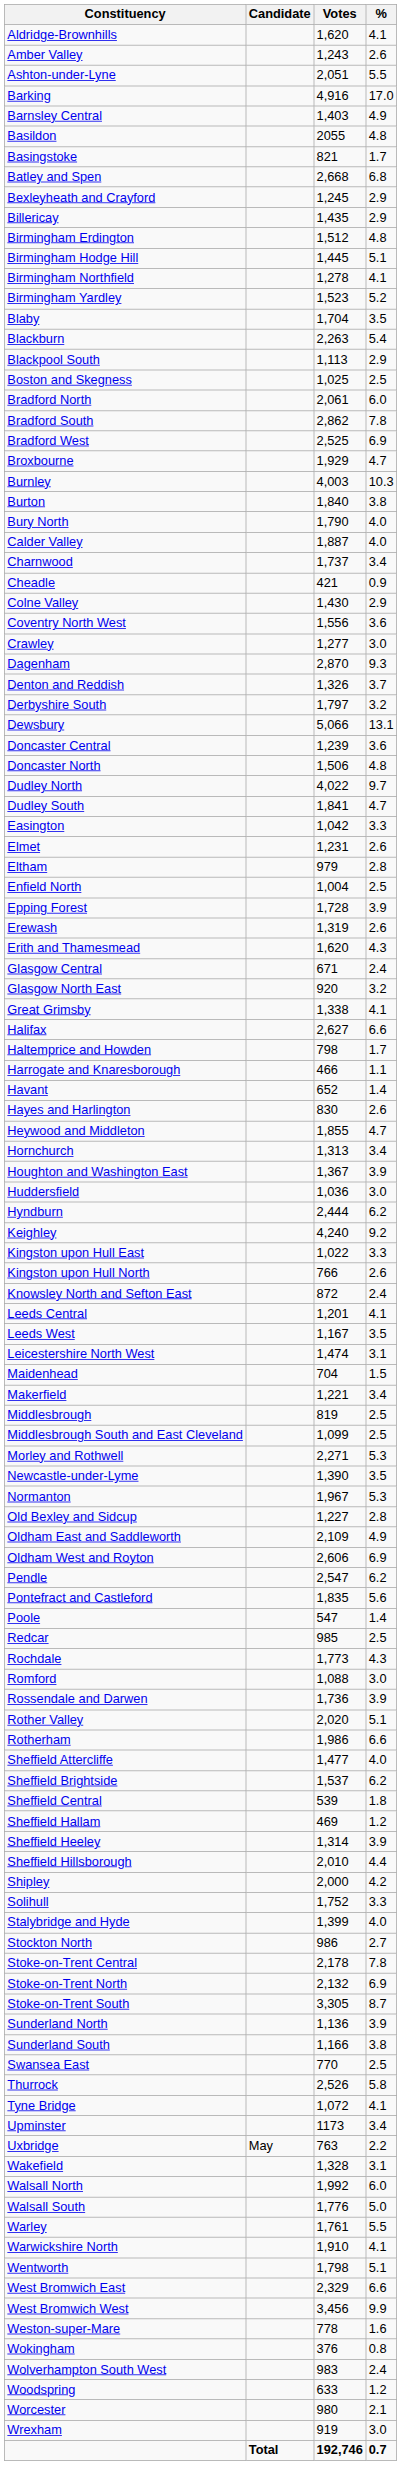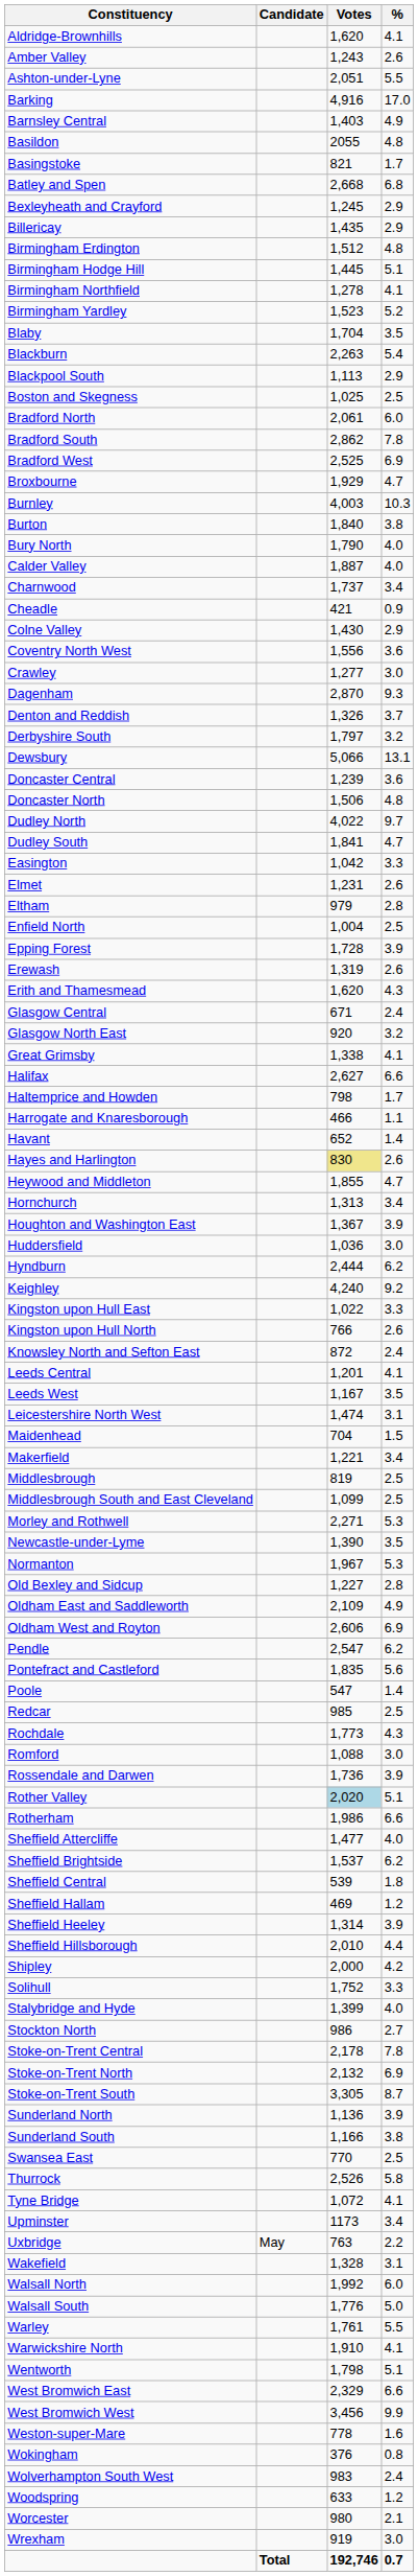 <table class="wikitable sortable">
 <tr>
 <th>Constituency</th>
 <th>Candidate</th>
 <th>Votes</th>
 <th>%</th>
 </tr>
 <tr>
 <td><a href='#'>Aldridge-Brownhills</a></td>
 <td></td>
 <td>1,620</td>
 <td>4.1</td>
 </tr>
 <tr>
 <td><a href='#'>Amber Valley</a></td>
 <td></td>
 <td>1,243</td>
 <td>2.6</td>
 </tr>
 <tr>
 <td><a href='#'>Ashton-under-Lyne</a></td>
 <td></td>
 <td>2,051</td>
 <td>5.5</td>
 </tr>
 <tr>
 <td><a href='#'>Barking</a></td>
 <td></td>
 <td>4,916</td>
 <td>17.0</td>
 </tr>
 <tr>
 <td><a href='#'>Barnsley Central</a></td>
 <td></td>
 <td>1,403</td>
 <td>4.9</td>
 </tr>
 <tr>
 <td><a href='#'>Basildon</a></td>
 <td></td>
 <td>2055</td>
 <td>4.8</td>
 </tr>
 <tr>
 <td><a href='#'>Basingstoke</a></td>
 <td></td>
 <td>821</td>
 <td>1.7</td>
 </tr>
 <tr>
 <td><a href='#'>Batley and Spen</a></td>
 <td></td>
 <td>2,668</td>
 <td>6.8</td>
 </tr>
 <tr>
 <td><a href='#'>Bexleyheath and Crayford</a></td>
 <td></td>
 <td>1,245</td>
 <td>2.9</td>
 </tr>
 <tr>
 <td><a href='#'>Billericay</a></td>
 <td></td>
 <td>1,435</td>
 <td>2.9</td>
 </tr>
 <tr>
 <td><a href='#'>Birmingham Erdington</a></td>
 <td></td>
 <td>1,512</td>
 <td>4.8</td>
 </tr>
 <tr>
 <td><a href='#'>Birmingham Hodge Hill</a></td>
 <td></td>
 <td>1,445</td>
 <td>5.1</td>
 </tr>
 <tr>
 <td><a href='#'>Birmingham Northfield</a></td>
 <td></td>
 <td>1,278</td>
 <td>4.1</td>
 </tr>
 <tr>
 <td><a href='#'>Birmingham Yardley</a></td>
 <td></td>
 <td>1,523</td>
 <td>5.2</td>
 </tr>
 <tr>
 <td><a href='#'>Blaby</a></td>
 <td></td>
 <td>1,704</td>
 <td>3.5</td>
 </tr>
 <tr>
 <td><a href='#'>Blackburn</a></td>
 <td></td>
 <td>2,263</td>
 <td>5.4</td>
 </tr>
 <tr>
 <td><a href='#'>Blackpool South</a></td>
 <td></td>
 <td>1,113</td>
 <td>2.9</td>
 </tr>
 <tr>
 <td><a href='#'>Boston and Skegness</a></td>
 <td></td>
 <td>1,025</td>
 <td>2.5</td>
 </tr>
 <tr>
 <td><a href='#'>Bradford North</a></td>
 <td></td>
 <td>2,061</td>
 <td>6.0</td>
 </tr>
 <tr>
 <td><a href='#'>Bradford South</a></td>
 <td></td>
 <td>2,862</td>
 <td>7.8</td>
 </tr>
 <tr>
 <td><a href='#'>Bradford West</a></td>
 <td></td>
 <td>2,525</td>
 <td>6.9</td>
 </tr>
 <tr>
 <td><a href='#'>Broxbourne</a></td>
 <td></td>
 <td>1,929</td>
 <td>4.7</td>
 </tr>
 <tr>
 <td><a href='#'>Burnley</a></td>
 <td></td>
 <td>4,003</td>
 <td>10.3</td>
 </tr>
 <tr>
 <td><a href='#'>Burton</a></td>
 <td></td>
 <td>1,840</td>
 <td>3.8</td>
 </tr>
 <tr>
 <td><a href='#'>Bury North</a></td>
 <td></td>
 <td>1,790</td>
 <td>4.0</td>
 </tr>
 <tr>
 <td><a href='#'>Calder Valley</a></td>
 <td></td>
 <td>1,887</td>
 <td>4.0</td>
 </tr>
 <tr>
 <td><a href='#'>Charnwood</a></td>
 <td></td>
 <td>1,737</td>
 <td>3.4</td>
 </tr>
 <tr>
 <td><a href='#'>Cheadle</a></td>
 <td></td>
 <td>421</td>
 <td>0.9</td>
 </tr>
 <tr>
 <td><a href='#'>Colne Valley</a></td>
 <td></td>
 <td>1,430</td>
 <td>2.9</td>
 </tr>
 <tr>
 <td><a href='#'>Coventry North West</a></td>
 <td></td>
 <td>1,556</td>
 <td>3.6</td>
 </tr>
 <tr>
 <td><a href='#'>Crawley</a></td>
 <td></td>
 <td>1,277</td>
 <td>3.0</td>
 </tr>
 <tr>
 <td><a href='#'>Dagenham</a></td>
 <td></td>
 <td>2,870</td>
 <td>9.3</td>
 </tr>
 <tr>
 <td><a href='#'>Denton and Reddish</a></td>
 <td></td>
 <td>1,326</td>
 <td>3.7</td>
 </tr>
 <tr>
 <td><a href='#'>Derbyshire South</a></td>
 <td></td>
 <td>1,797</td>
 <td>3.2</td>
 </tr>
 <tr>
 <td><a href='#'>Dewsbury</a></td>
 <td></td>
 <td>5,066</td>
 <td>13.1</td>
 </tr>
 <tr>
 <td><a href='#'>Doncaster Central</a></td>
 <td></td>
 <td>1,239</td>
 <td>3.6</td>
 </tr>
 <tr>
 <td><a href='#'>Doncaster North</a></td>
 <td></td>
 <td>1,506</td>
 <td>4.8</td>
 </tr>
 <tr>
 <td><a href='#'>Dudley North</a></td>
 <td></td>
 <td>4,022</td>
 <td>9.7</td>
 </tr>
 <tr>
 <td><a href='#'>Dudley South</a></td>
 <td></td>
 <td>1,841</td>
 <td>4.7</td>
 </tr>
 <tr>
 <td><a href='#'>Easington</a></td>
 <td></td>
 <td>1,042</td>
 <td>3.3</td>
 </tr>
 <tr>
 <td><a href='#'>Elmet</a></td>
 <td></td>
 <td>1,231</td>
 <td>2.6</td>
 </tr>
 <tr>
 <td><a href='#'>Eltham</a></td>
 <td></td>
 <td>979</td>
 <td>2.8</td>
 </tr>
 <tr>
 <td><a href='#'>Enfield North</a></td>
 <td></td>
 <td>1,004</td>
 <td>2.5</td>
 </tr>
 <tr>
 <td><a href='#'>Epping Forest</a></td>
 <td></td>
 <td>1,728</td>
 <td>3.9</td>
 </tr>
 <tr>
 <td><a href='#'>Erewash</a></td>
 <td></td>
 <td>1,319</td>
 <td>2.6</td>
 </tr>
 <tr>
 <td><a href='#'>Erith and Thamesmead</a></td>
 <td></td>
 <td>1,620</td>
 <td>4.3</td>
 </tr>
 <tr>
 <td><a href='#'>Glasgow Central</a></td>
 <td></td>
 <td>671</td>
 <td>2.4</td>
 </tr>
 <tr>
 <td><a href='#'>Glasgow North East</a></td>
 <td></td>
 <td>920</td>
 <td>3.2</td>
 </tr>
 <tr>
 <td><a href='#'>Great Grimsby</a></td>
 <td></td>
 <td>1,338</td>
 <td>4.1</td>
 </tr>
 <tr>
 <td><a href='#'>Halifax</a></td>
 <td></td>
 <td>2,627</td>
 <td>6.6</td>
 </tr>
 <tr>
 <td><a href='#'>Haltemprice and Howden</a></td>
 <td></td>
 <td>798</td>
 <td>1.7</td>
 </tr>
 <tr>
 <td><a href='#'>Harrogate and Knaresborough</a></td>
 <td></td>
 <td>466</td>
 <td>1.1</td>
 </tr>
 <tr>
 <td><a href='#'>Havant</a></td>
 <td></td>
 <td>652</td>
 <td>1.4</td>
 </tr>
 <tr>
 <td><a href='#'>Hayes and Harlington</a></td>
 <td></td>
-<td>830</td>
+<td style="background: khaki;">830</td>
 <td>2.6</td>
 </tr>
 <tr>
 <td><a href='#'>Heywood and Middleton</a></td>
 <td></td>
 <td>1,855</td>
 <td>4.7</td>
 </tr>
 <tr>
 <td><a href='#'>Hornchurch</a></td>
 <td></td>
 <td>1,313</td>
 <td>3.4</td>
 </tr>
 <tr>
 <td><a href='#'>Houghton and Washington East</a></td>
 <td></td>
 <td>1,367</td>
 <td>3.9</td>
 </tr>
 <tr>
 <td><a href='#'>Huddersfield</a></td>
 <td></td>
 <td>1,036</td>
 <td>3.0</td>
 </tr>
 <tr>
 <td><a href='#'>Hyndburn</a></td>
 <td></td>
 <td>2,444</td>
 <td>6.2</td>
 </tr>
 <tr>
 <td><a href='#'>Keighley</a></td>
 <td></td>
 <td>4,240</td>
 <td>9.2</td>
 </tr>
 <tr>
 <td><a href='#'>Kingston upon Hull East</a></td>
 <td></td>
 <td>1,022</td>
 <td>3.3</td>
 </tr>
 <tr>
 <td><a href='#'>Kingston upon Hull North</a></td>
 <td></td>
 <td>766</td>
 <td>2.6</td>
 </tr>
 <tr>
 <td><a href='#'>Knowsley North and Sefton East</a></td>
 <td></td>
 <td>872</td>
 <td>2.4</td>
 </tr>
 <tr>
 <td><a href='#'>Leeds Central</a></td>
 <td></td>
 <td>1,201</td>
 <td>4.1</td>
 </tr>
 <tr>
 <td><a href='#'>Leeds West</a></td>
 <td></td>
 <td>1,167</td>
 <td>3.5</td>
 </tr>
 <tr>
 <td><a href='#'>Leicestershire North West</a></td>
 <td></td>
 <td>1,474</td>
 <td>3.1</td>
 </tr>
 <tr>
 <td><a href='#'>Maidenhead</a></td>
 <td></td>
 <td>704</td>
 <td>1.5</td>
 </tr>
 <tr>
 <td><a href='#'>Makerfield</a></td>
 <td></td>
 <td>1,221</td>
 <td>3.4</td>
 </tr>
 <tr>
 <td><a href='#'>Middlesbrough</a></td>
 <td></td>
 <td>819</td>
 <td>2.5</td>
 </tr>
 <tr>
 <td><a href='#'>Middlesbrough South and East Cleveland</a></td>
 <td></td>
 <td>1,099</td>
 <td>2.5</td>
 </tr>
 <tr>
 <td><a href='#'>Morley and Rothwell</a></td>
 <td></td>
 <td>2,271</td>
 <td>5.3</td>
 </tr>
 <tr>
 <td><a href='#'>Newcastle-under-Lyme</a></td>
 <td></td>
 <td>1,390</td>
 <td>3.5</td>
 </tr>
 <tr>
 <td><a href='#'>Normanton</a></td>
 <td></td>
 <td>1,967</td>
 <td>5.3</td>
 </tr>
 <tr>
 <td><a href='#'>Old Bexley and Sidcup</a></td>
 <td></td>
 <td>1,227</td>
 <td>2.8</td>
 </tr>
 <tr>
 <td><a href='#'>Oldham East and Saddleworth</a></td>
 <td></td>
 <td>2,109</td>
 <td>4.9</td>
 </tr>
 <tr>
 <td><a href='#'>Oldham West and Royton</a></td>
 <td></td>
 <td>2,606</td>
 <td>6.9</td>
 </tr>
 <tr>
 <td><a href='#'>Pendle</a></td>
 <td></td>
 <td>2,547</td>
 <td>6.2</td>
 </tr>
 <tr>
 <td><a href='#'>Pontefract and Castleford</a></td>
 <td></td>
 <td>1,835</td>
 <td>5.6</td>
 </tr>
 <tr>
 <td><a href='#'>Poole</a></td>
 <td></td>
 <td>547</td>
 <td>1.4</td>
 </tr>
 <tr>
 <td><a href='#'>Redcar</a></td>
 <td></td>
 <td>985</td>
 <td>2.5</td>
 </tr>
 <tr>
 <td><a href='#'>Rochdale</a></td>
 <td></td>
 <td>1,773</td>
 <td>4.3</td>
 </tr>
 <tr>
 <td><a href='#'>Romford</a></td>
 <td></td>
 <td>1,088</td>
 <td>3.0</td>
 </tr>
 <tr>
 <td><a href='#'>Rossendale and Darwen</a></td>
 <td></td>
 <td>1,736</td>
 <td>3.9</td>
 </tr>
 <tr>
 <td><a href='#'>Rother Valley</a></td>
 <td></td>
-<td>2,020</td>
+<td style="background: lightblue;">2,020</td>
 <td>5.1</td>
 </tr>
 <tr>
 <td><a href='#'>Rotherham</a></td>
 <td></td>
 <td>1,986</td>
 <td>6.6</td>
 </tr>
 <tr>
 <td><a href='#'>Sheffield Attercliffe</a></td>
 <td></td>
 <td>1,477</td>
 <td>4.0</td>
 </tr>
 <tr>
 <td><a href='#'>Sheffield Brightside</a></td>
 <td></td>
 <td>1,537</td>
 <td>6.2</td>
 </tr>
 <tr>
 <td><a href='#'>Sheffield Central</a></td>
 <td></td>
 <td>539</td>
 <td>1.8</td>
 </tr>
 <tr>
 <td><a href='#'>Sheffield Hallam</a></td>
 <td></td>
 <td>469</td>
 <td>1.2</td>
 </tr>
 <tr>
 <td><a href='#'>Sheffield Heeley</a></td>
 <td></td>
 <td>1,314</td>
 <td>3.9</td>
 </tr>
 <tr>
 <td><a href='#'>Sheffield Hillsborough</a></td>
 <td></td>
 <td>2,010</td>
 <td>4.4</td>
 </tr>
 <tr>
 <td><a href='#'>Shipley</a></td>
 <td></td>
 <td>2,000</td>
 <td>4.2</td>
 </tr>
 <tr>
 <td><a href='#'>Solihull</a></td>
 <td></td>
 <td>1,752</td>
 <td>3.3</td>
 </tr>
 <tr>
 <td><a href='#'>Stalybridge and Hyde</a></td>
 <td></td>
 <td>1,399</td>
 <td>4.0</td>
 </tr>
 <tr>
 <td><a href='#'>Stockton North</a></td>
 <td></td>
 <td>986</td>
 <td>2.7</td>
 </tr>
 <tr>
 <td><a href='#'>Stoke-on-Trent Central</a></td>
 <td></td>
 <td>2,178</td>
 <td>7.8</td>
 </tr>
 <tr>
 <td><a href='#'>Stoke-on-Trent North</a></td>
 <td></td>
 <td>2,132</td>
 <td>6.9</td>
 </tr>
 <tr>
 <td><a href='#'>Stoke-on-Trent South</a></td>
 <td></td>
 <td>3,305</td>
 <td>8.7</td>
 </tr>
 <tr>
 <td><a href='#'>Sunderland North</a></td>
 <td></td>
 <td>1,136</td>
 <td>3.9</td>
 </tr>
 <tr>
 <td><a href='#'>Sunderland South</a></td>
 <td></td>
 <td>1,166</td>
 <td>3.8</td>
 </tr>
 <tr>
 <td><a href='#'>Swansea East</a></td>
 <td></td>
 <td>770</td>
 <td>2.5</td>
 </tr>
 <tr>
 <td><a href='#'>Thurrock</a></td>
 <td></td>
 <td>2,526</td>
 <td>5.8</td>
 </tr>
 <tr>
 <td><a href='#'>Tyne Bridge</a></td>
 <td></td>
 <td>1,072</td>
 <td>4.1</td>
 </tr>
 <tr>
 <td><a href='#'>Upminster</a></td>
 <td></td>
 <td>1173</td>
 <td>3.4</td>
 </tr>
 <tr>
 <td><a href='#'>Uxbridge</a></td>
 <td> May</td>
 <td>763</td>
 <td>2.2</td>
 </tr>
 <tr>
 <td><a href='#'>Wakefield</a></td>
 <td></td>
 <td>1,328</td>
 <td>3.1</td>
 </tr>
 <tr>
 <td><a href='#'>Walsall North</a></td>
 <td></td>
 <td>1,992</td>
 <td>6.0</td>
 </tr>
 <tr>
 <td><a href='#'>Walsall South</a></td>
 <td></td>
 <td>1,776</td>
 <td>5.0</td>
 </tr>
 <tr>
 <td><a href='#'>Warley</a></td>
 <td></td>
 <td>1,761</td>
 <td>5.5</td>
 </tr>
 <tr>
 <td><a href='#'>Warwickshire North</a></td>
 <td></td>
 <td>1,910</td>
 <td>4.1</td>
 </tr>
 <tr>
 <td><a href='#'>Wentworth</a></td>
 <td></td>
 <td>1,798</td>
 <td>5.1</td>
 </tr>
 <tr>
 <td><a href='#'>West Bromwich East</a></td>
 <td></td>
 <td>2,329</td>
 <td>6.6</td>
 </tr>
 <tr>
 <td><a href='#'>West Bromwich West</a></td>
 <td></td>
 <td>3,456</td>
 <td>9.9</td>
 </tr>
 <tr>
 <td><a href='#'>Weston-super-Mare</a></td>
 <td></td>
 <td>778</td>
 <td>1.6</td>
 </tr>
 <tr>
 <td><a href='#'>Wokingham</a></td>
 <td></td>
 <td>376</td>
 <td>0.8</td>
 </tr>
 <tr>
 <td><a href='#'>Wolverhampton South West</a></td>
 <td></td>
 <td>983</td>
 <td>2.4</td>
 </tr>
 <tr>
 <td><a href='#'>Woodspring</a></td>
 <td></td>
 <td>633</td>
 <td>1.2</td>
 </tr>
 <tr>
 <td><a href='#'>Worcester</a></td>
 <td></td>
 <td>980</td>
 <td>2.1</td>
 </tr>
 <tr>
 <td><a href='#'>Wrexham</a></td>
 <td></td>
 <td>919</td>
 <td>3.0</td>
 </tr>
 <tr>
 <td></td>
 <td><strong>Total</strong></td>
 <td><strong>192,746</strong></td>
 <td><strong>0.7</strong></td>
 </tr>
 </table>
